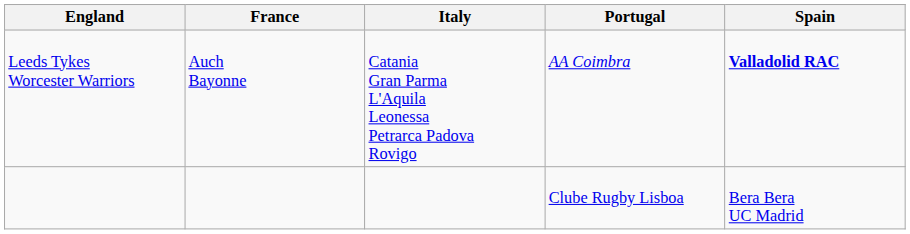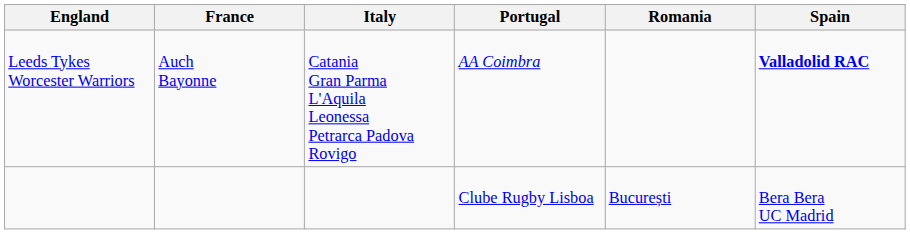 <table class="wikitable" style="width:100%;">
 <tr>
 <th width=16%> England</th>
 <th width=16%> France</th>
 <th width=16%> Italy</th>
 <th width=16%> Portugal</th>
+<th width=16%> Romania</th>
 <th width=16%> Spain</th>
 </tr>
 <tr valign=top>
 <td><br><a href='#'>Leeds Tykes</a><br> <a href='#'>Worcester Warriors</a></td>
 <td><br><a href='#'>Auch</a><br> <a href='#'>Bayonne</a></td>
 <td><br><a href='#'>Catania</a><br> <a href='#'>Gran Parma</a><br> <a href='#'>L'Aquila</a><br> <a href='#'>Leonessa</a><br> <a href='#'>Petrarca Padova</a><br> <a href='#'>Rovigo</a></td>
 <td><br><em><a href='#'>AA Coimbra</a></em></td>
+<td></td>
 <td><strong><br><a href='#'>Valladolid RAC</a></strong></td>
 </tr>
 <tr valign=top>
 <td></td>
 <td></td>
 <td></td>
 <td><br><a href='#'>Clube Rugby Lisboa</a></td>
+<td><br><a href='#'>București</a></td>
 <td><br><a href='#'>Bera Bera</a><br> <a href='#'>UC Madrid</a></td>
 </tr>
 </table>
